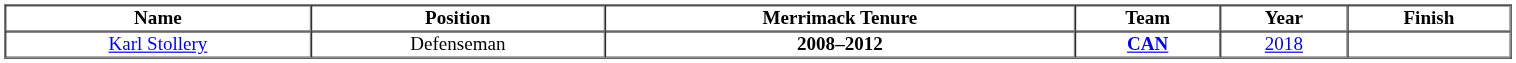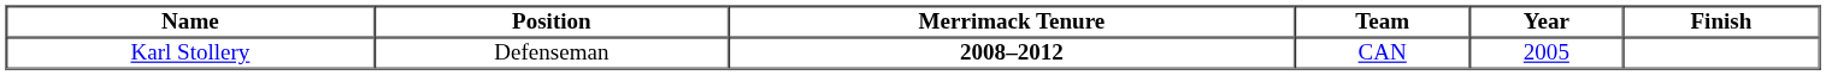 <table cellpadding="1" border="1" cellspacing="0" width="80%">
 <tr>
 <th>Name</th>
 <th>Position</th>
 <th>Merrimack Tenure</th>
 <th>Team</th>
 <th>Year</th>
 <th>Finish</th>
 </tr>
 <tr align="center">
 <td><a href='#'>Karl Stollery</a></td>
 <td>Defenseman</td>
 <td><strong>2008–2012</strong></td>
-<td><strong> <a href='#'>CAN</a></strong></td>
-<td><a href='#'>2018</a></td>
+<td> <a href='#'>CAN</a></td>
+<td><a href='#'>2005</a></td>
 <td></td>
 </tr>
 <tr align="center">
 </tr>
 </table>
